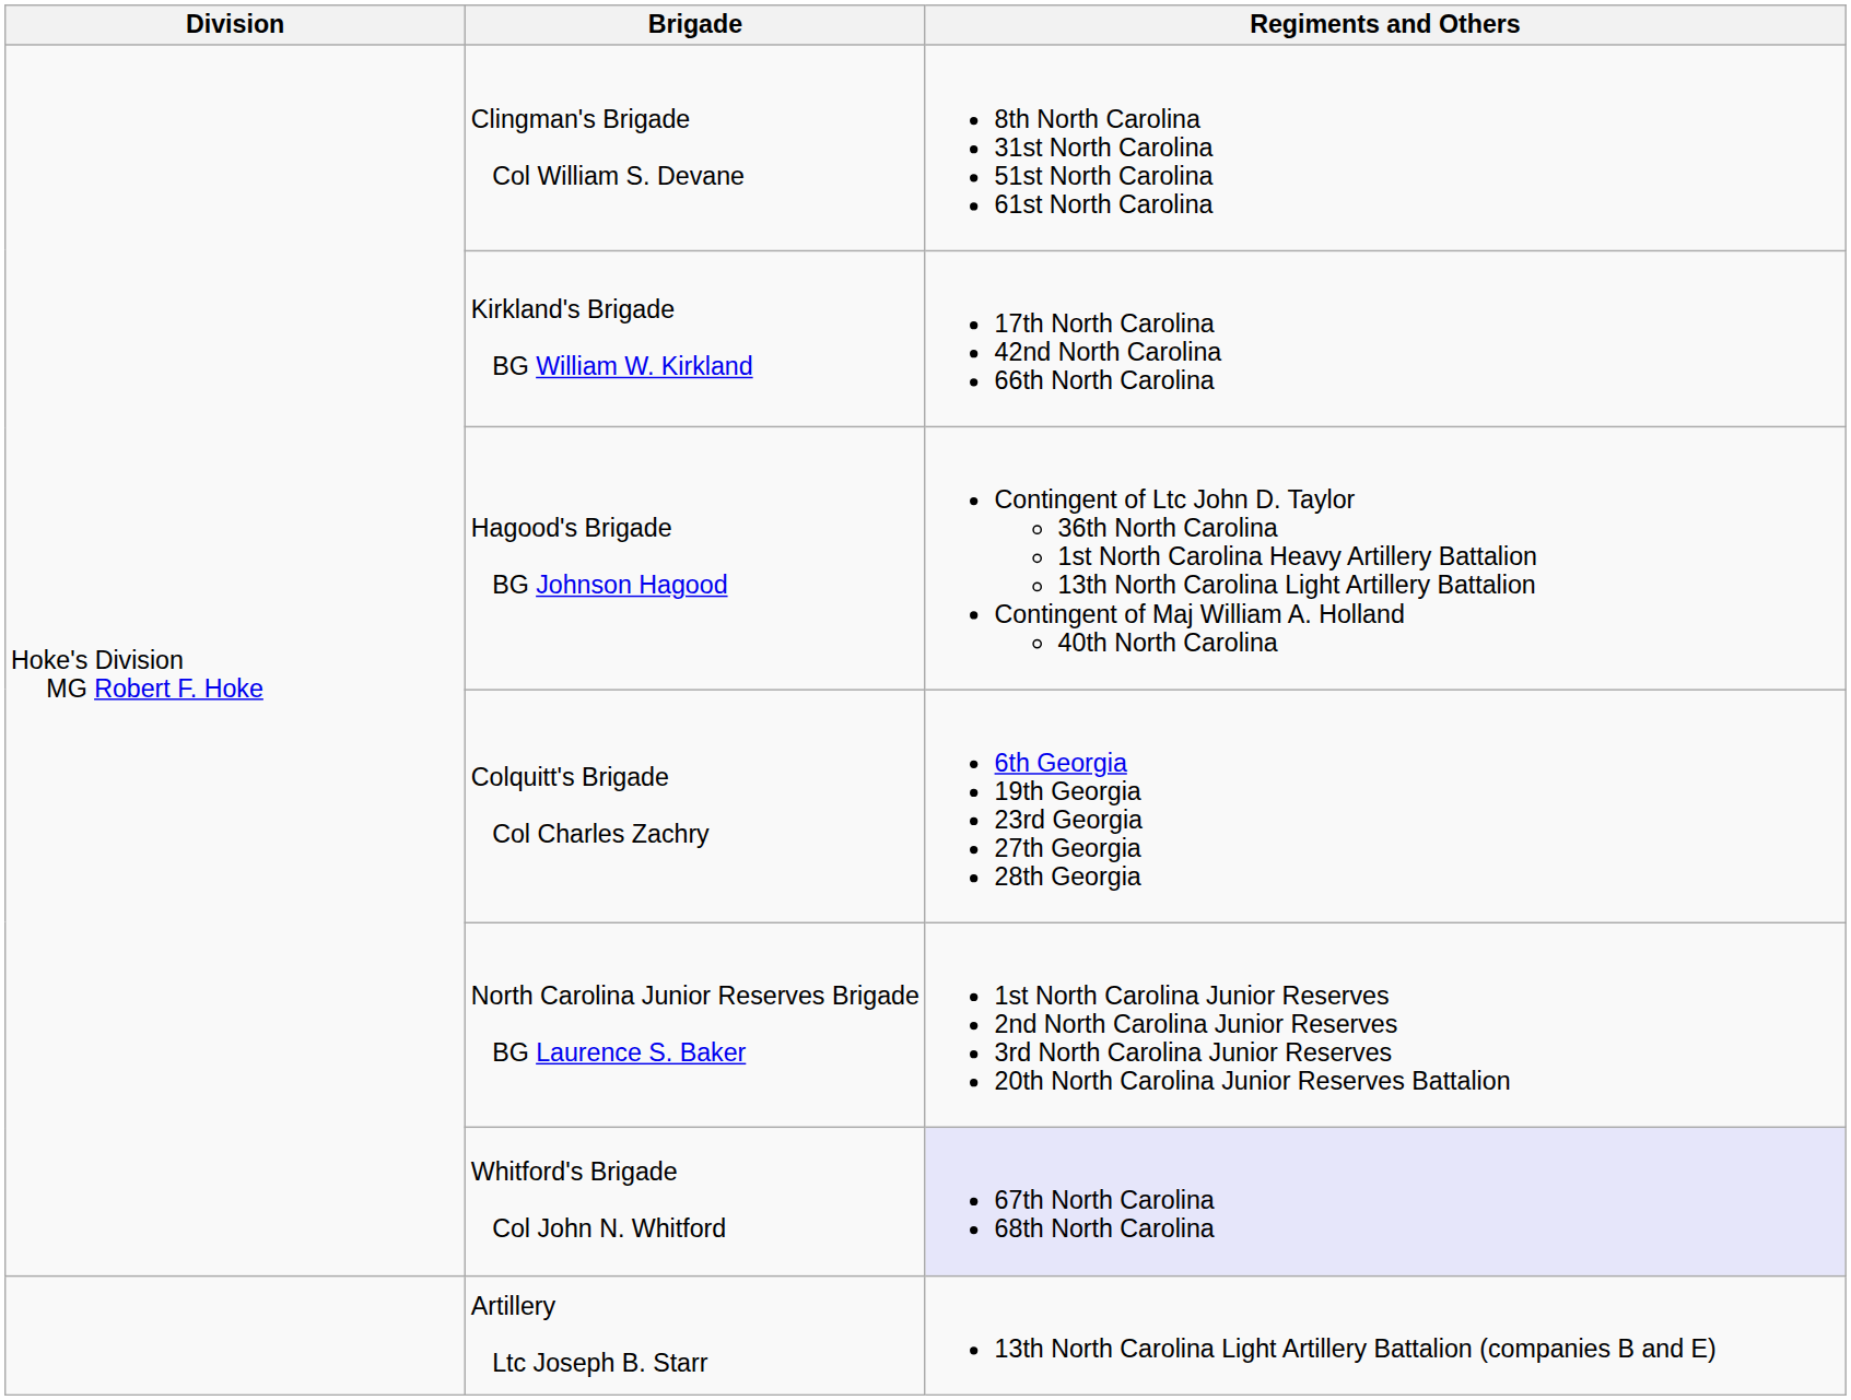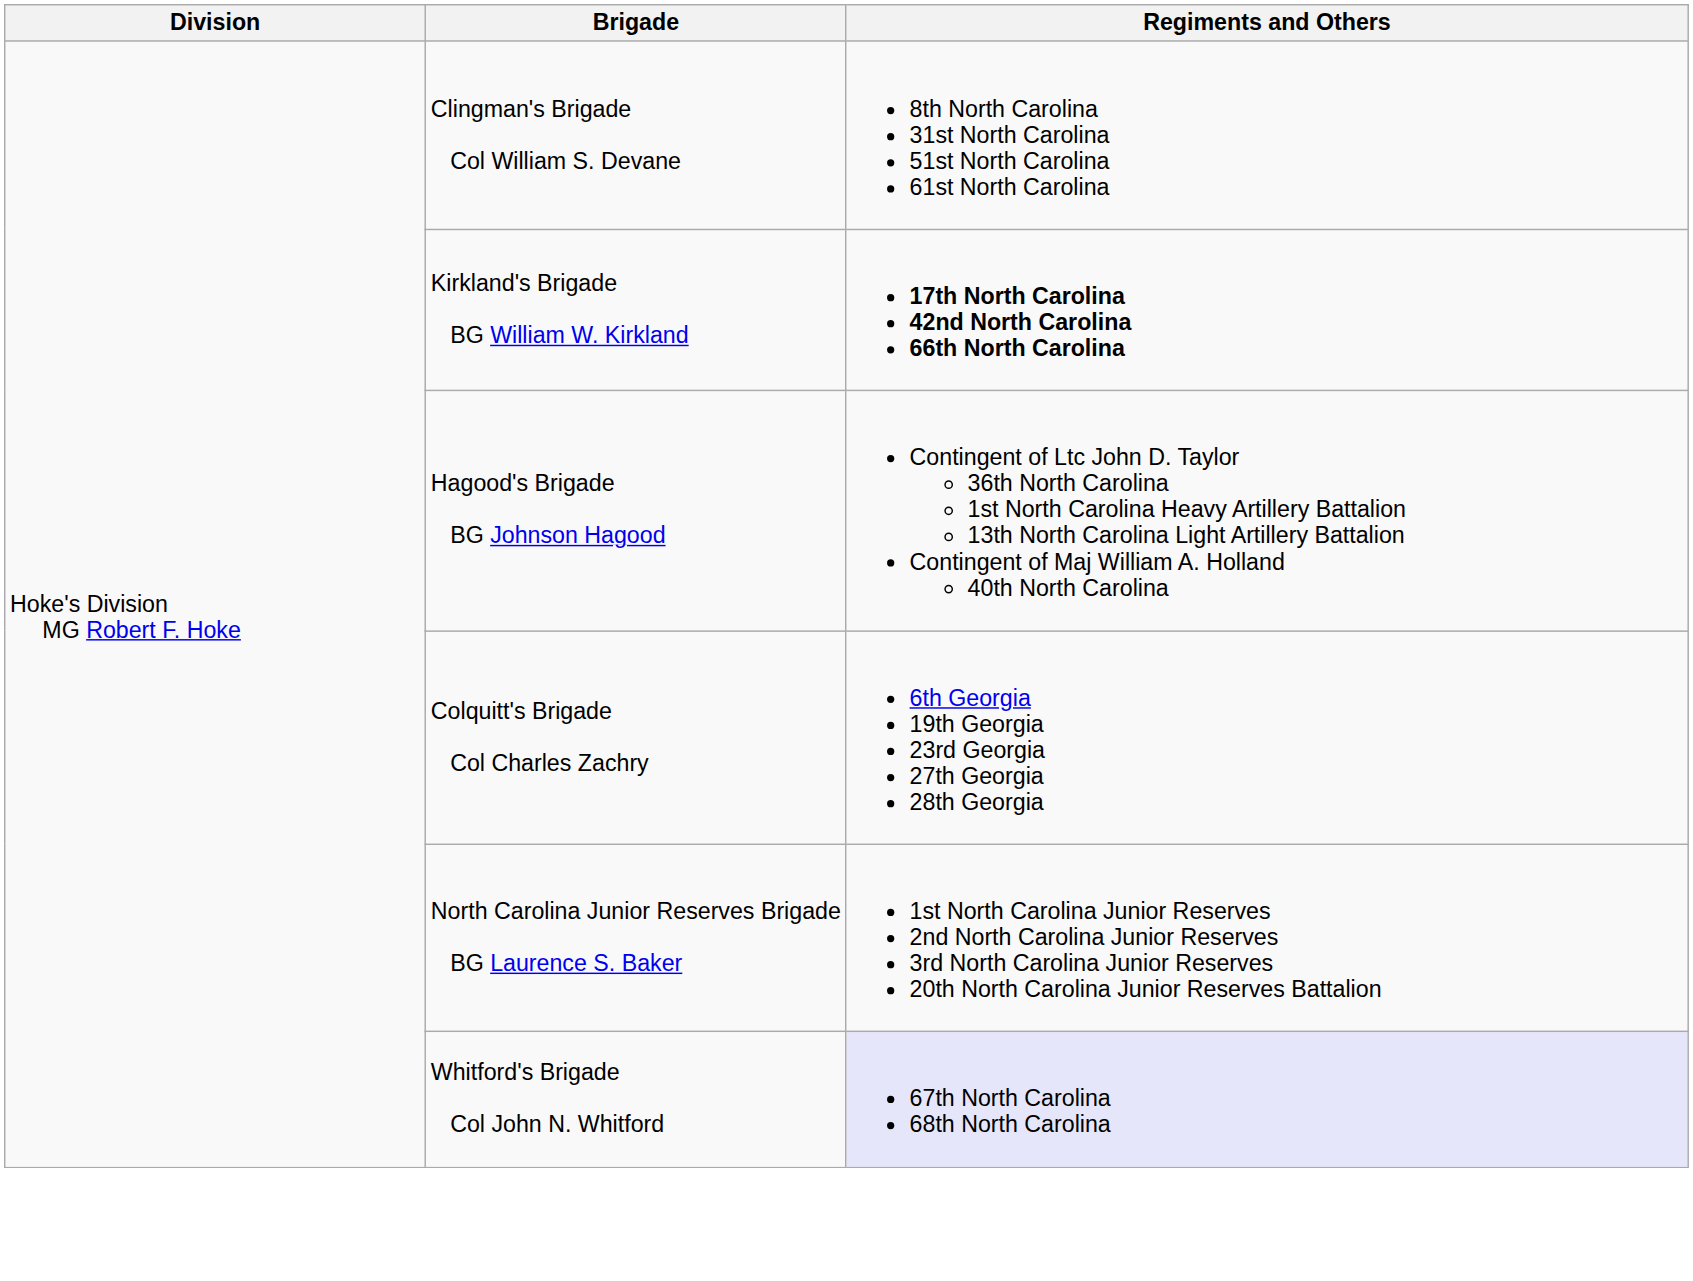 <table class="wikitable">
 <tr>
 <th width=25%>Division</th>
 <th width=25%>Brigade</th>
 <th>Regiments and Others</th>
 </tr>
 <tr>
 <td rowspan=6><br>Hoke's Division <br>     MG <a href='#'>Robert F. Hoke</a></td>
 <td>Clingman's Brigade<br><br>   Col William S. Devane</td>
 <td><br><ul><li>8th North Carolina</li><li>31st North Carolina</li><li>51st North Carolina</li><li>61st North Carolina</li></ul></td>
 </tr>
 <tr>
 <td>Kirkland's Brigade<br><br>   BG <a href='#'>William W. Kirkland</a></td>
-<td><br><ul><li>17th North Carolina</li><li>42nd North Carolina</li><li>66th North Carolina</li></ul></td>
+<td><strong><br><ul><li>17th North Carolina</li><li>42nd North Carolina</li><li>66th North Carolina</li></ul></strong></td>
 </tr>
 <tr>
 <td>Hagood's Brigade<br><br>   BG <a href='#'>Johnson Hagood</a></td>
 <td><br><ul><li>Contingent of Ltc John D. Taylor<ul><li>36th North Carolina</li><li>1st North Carolina Heavy Artillery Battalion</li><li>13th North Carolina Light Artillery Battalion</li></ul></li><li>Contingent of Maj William A. Holland<ul><li>40th North Carolina</li></ul></li></ul></td>
 </tr>
 <tr>
 <td>Colquitt's Brigade<br><br>   Col Charles Zachry</td>
 <td><br><ul><li><a href='#'>6th Georgia</a></li><li>19th Georgia</li><li>23rd Georgia</li><li>27th Georgia</li><li>28th Georgia</li></ul></td>
 </tr>
 <tr>
 <td>North Carolina Junior Reserves Brigade<br><br>   BG <a href='#'>Laurence S. Baker</a></td>
 <td><br><ul><li>1st North Carolina Junior Reserves</li><li>2nd North Carolina Junior Reserves</li><li>3rd North Carolina Junior Reserves</li><li>20th North Carolina Junior Reserves Battalion</li></ul></td>
 </tr>
 <tr>
 <td>Whitford's Brigade<br><br>   Col John N. Whitford</td>
 <td style="background: lavender;"><br><ul><li>67th North Carolina</li><li>68th North Carolina</li></ul></td>
 </tr>
-<tr>
-<td></td>
-<td>Artillery<br><br>   Ltc Joseph B. Starr</td>
-<td><br><ul><li>13th North Carolina Light Artillery Battalion (companies B and E)</li></ul></td>
-</tr>
 </table>
